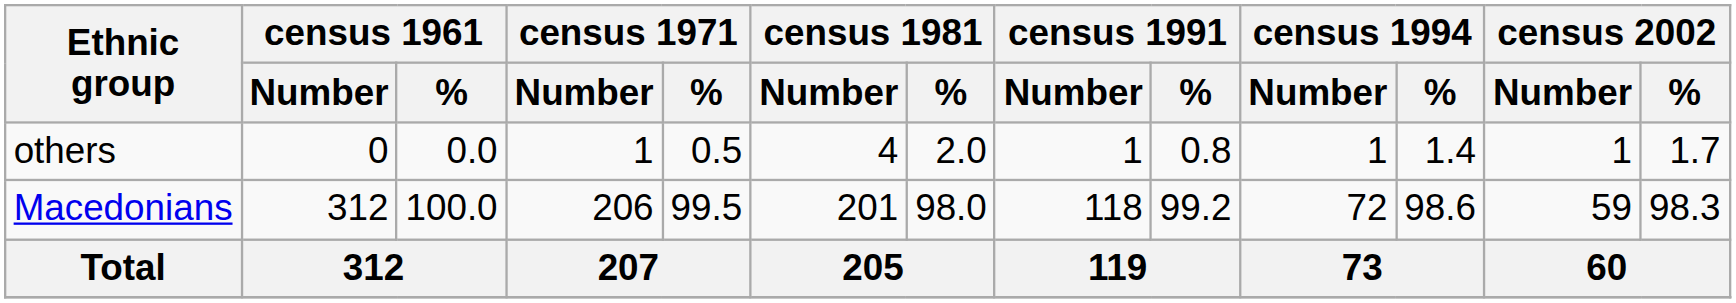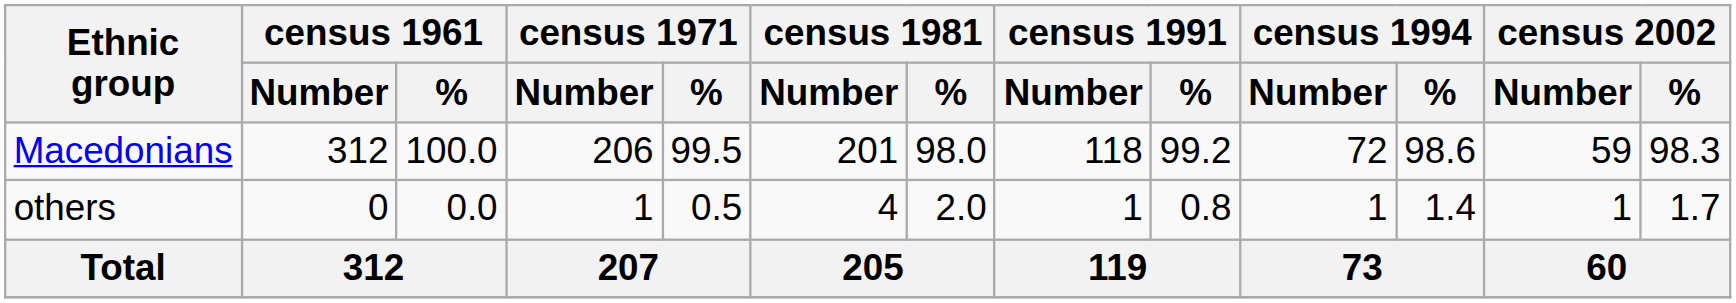 <table class="wikitable">
 <tr>
 <th rowspan="2">Ethnic<br>group</th>
 <th colspan="2">census 1961</th>
 <th colspan="2">census 1971</th>
 <th colspan="2">census 1981</th>
 <th colspan="2">census 1991</th>
 <th colspan="2">census 1994</th>
 <th colspan="2">census 2002</th>
 </tr>
 <tr bgcolor="#e0e0e0">
 <th>Number</th>
 <th>%</th>
 <th>Number</th>
 <th>%</th>
 <th>Number</th>
 <th>%</th>
 <th>Number</th>
 <th>%</th>
 <th>Number</th>
 <th>%</th>
 <th>Number</th>
 <th>%</th>
 </tr>
 <tr>
+<td><a href='#'>Macedonians</a></td>
+<td align="right">312</td>
+<td align="right">100.0</td>
+<td align="right">206</td>
+<td align="right">99.5</td>
+<td align="right">201</td>
+<td align="right">98.0</td>
+<td align="right">118</td>
+<td align="right">99.2</td>
+<td align="right">72</td>
+<td align="right">98.6</td>
+<td align="right">59</td>
+<td align="right">98.3</td>
+</tr>
+<tr>
 <td>others</td>
 <td align="right">0</td>
 <td align="right">0.0</td>
 <td align="right">1</td>
 <td align="right">0.5</td>
 <td align="right">4</td>
 <td align="right">2.0</td>
 <td align="right">1</td>
 <td align="right">0.8</td>
 <td align="right">1</td>
 <td align="right">1.4</td>
 <td align="right">1</td>
 <td align="right">1.7</td>
 </tr>
-<tr>
-<td><a href='#'>Macedonians</a></td>
-<td align="right">312</td>
-<td align="right">100.0</td>
-<td align="right">206</td>
-<td align="right">99.5</td>
-<td align="right">201</td>
-<td align="right">98.0</td>
-<td align="right">118</td>
-<td align="right">99.2</td>
-<td align="right">72</td>
-<td align="right">98.6</td>
-<td align="right">59</td>
-<td align="right">98.3</td>
-</tr>
 <tr bgcolor="#e0e0e0">
 <th align="left">Total</th>
 <th colspan="2">312</th>
 <th colspan="2">207</th>
 <th colspan="2">205</th>
 <th colspan="2">119</th>
 <th colspan="2">73</th>
 <th colspan="2">60</th>
 </tr>
 <tr>
 </tr>
 </table>
